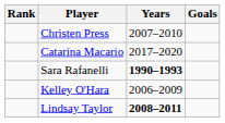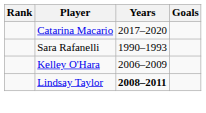 <table class="wikitable" style="text-align: left;">
 <tr>
 <th width=px>Rank</th>
 <th width=px>Player</th>
 <th width=px>Years</th>
 <th width=px>Goals</th>
-</tr>
-<tr>
-<td></td>
-<td><a href='#'>Christen Press</a></td>
-<td>2007–2010</td>
-<td></td>
 </tr>
 <tr>
 <td></td>
 <td><a href='#'>Catarina Macario</a></td>
 <td>2017–2020</td>
 <td></td>
 </tr>
 <tr>
 <td></td>
 <td>Sara Rafanelli</td>
-<td><strong>1990–1993</strong></td>
+<td>1990–1993</td>
 <td></td>
 </tr>
 <tr>
 <td></td>
 <td><a href='#'>Kelley O'Hara</a></td>
 <td>2006–2009</td>
 <td></td>
 </tr>
 <tr>
 <td></td>
 <td><a href='#'>Lindsay Taylor</a></td>
 <td><strong>2008–2011</strong></td>
 <td></td>
 </tr>
 </table>
